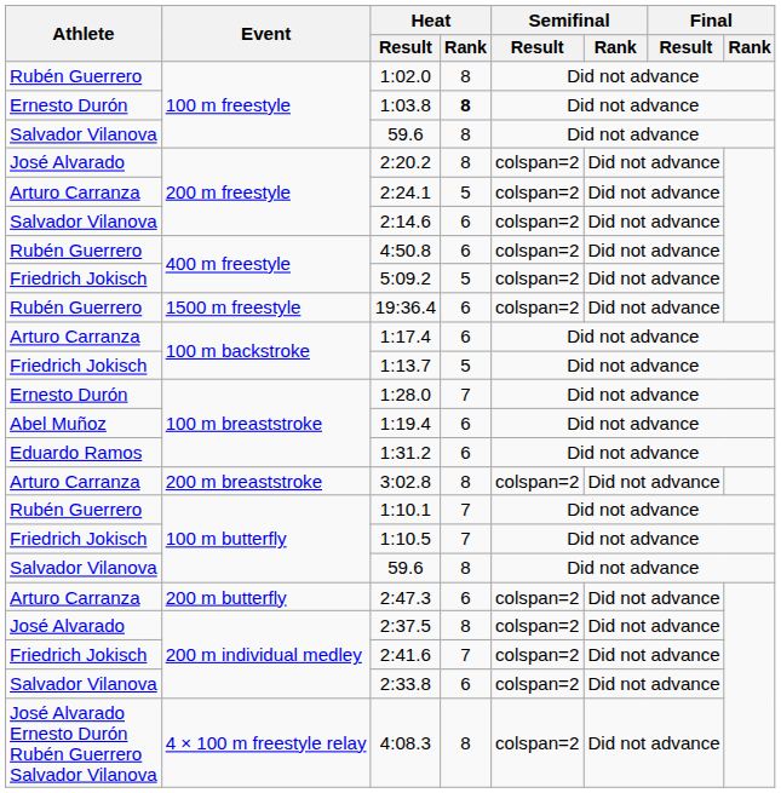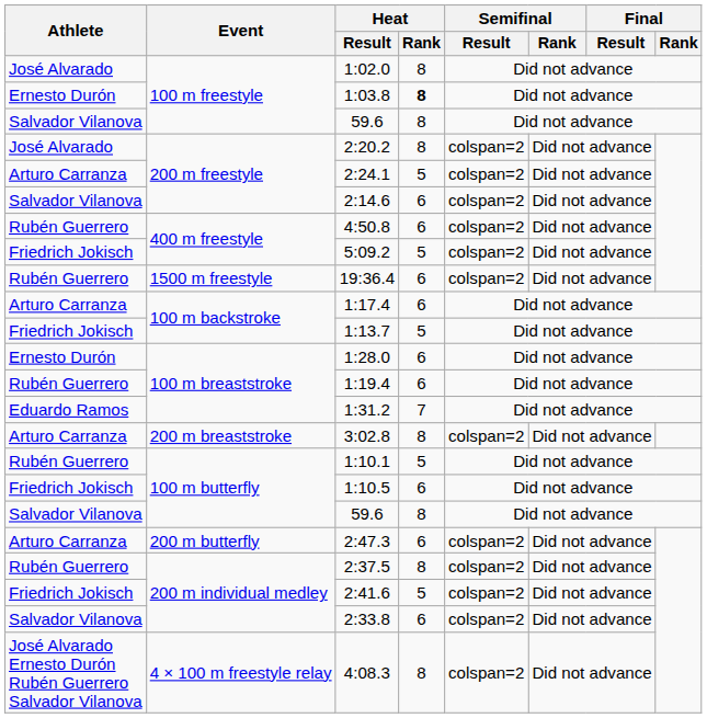 <table class="wikitable" style="font-size:90%; text-align: center">
 <tr>
 <th rowspan="2">Athlete</th>
 <th rowspan="2">Event</th>
 <th colspan="2">Heat</th>
 <th colspan="2">Semifinal</th>
 <th colspan="2">Final</th>
 </tr>
 <tr style="font-size:95%">
 <th>Result</th>
 <th>Rank</th>
 <th>Result</th>
 <th>Rank</th>
 <th>Result</th>
 <th>Rank</th>
 </tr>
 <tr>
-<td align=left><a href='#'>Rubén Guerrero</a></td>
+<td align=left><a href='#'>José Alvarado</a></td>
 <td align=left rowspan=3><a href='#'>100 m freestyle</a></td>
 <td>1:02.0</td>
 <td>8</td>
 <td colspan=4>Did not advance</td>
 </tr>
 <tr align=center>
 <td align=left><a href='#'>Ernesto Durón</a></td>
 <td>1:03.8</td>
 <td><strong>8</strong></td>
 <td colspan=4>Did not advance</td>
 </tr>
 <tr align=center>
 <td align=left><a href='#'>Salvador Vilanova</a></td>
 <td>59.6</td>
 <td>8</td>
 <td colspan=4>Did not advance</td>
 </tr>
 <tr>
 <td align=left><a href='#'>José Alvarado</a></td>
 <td align=left rowspan=3><a href='#'>200 m freestyle</a></td>
 <td>2:20.2</td>
 <td>8</td>
 <td>colspan=2 </td>
 <td colspan=2>Did not advance</td>
 </tr>
 <tr align=center>
 <td align=left><a href='#'>Arturo Carranza</a></td>
 <td>2:24.1</td>
 <td>5</td>
 <td>colspan=2 </td>
 <td colspan=2>Did not advance</td>
 </tr>
 <tr align=center>
 <td align=left><a href='#'>Salvador Vilanova</a></td>
 <td>2:14.6</td>
 <td>6</td>
 <td>colspan=2 </td>
 <td colspan=2>Did not advance</td>
 </tr>
 <tr>
 <td align=left><a href='#'>Rubén Guerrero</a></td>
 <td align=left rowspan=2><a href='#'>400 m freestyle</a></td>
 <td>4:50.8</td>
 <td>6</td>
 <td>colspan=2 </td>
 <td colspan=2>Did not advance</td>
 </tr>
 <tr align=center>
 <td align=left><a href='#'>Friedrich Jokisch</a></td>
 <td>5:09.2</td>
 <td>5</td>
 <td>colspan=2 </td>
 <td colspan=2>Did not advance</td>
 </tr>
 <tr>
 <td align=left><a href='#'>Rubén Guerrero</a></td>
 <td align=left><a href='#'>1500 m freestyle</a></td>
 <td>19:36.4</td>
 <td>6</td>
 <td>colspan=2 </td>
 <td colspan=2>Did not advance</td>
 </tr>
 <tr>
 <td align=left><a href='#'>Arturo Carranza</a></td>
 <td align=left rowspan=2><a href='#'>100 m backstroke</a></td>
 <td>1:17.4</td>
 <td>6</td>
 <td colspan=4>Did not advance</td>
 </tr>
 <tr align=center>
 <td align=left><a href='#'>Friedrich Jokisch</a></td>
 <td>1:13.7</td>
 <td>5</td>
 <td colspan=4>Did not advance</td>
 </tr>
 <tr>
 <td align=left><a href='#'>Ernesto Durón</a></td>
 <td align=left rowspan=3><a href='#'>100 m breaststroke</a></td>
 <td>1:28.0</td>
-<td>7</td>
+<td>6</td>
 <td colspan=4>Did not advance</td>
 </tr>
 <tr align=center>
-<td align=left><a href='#'>Abel Muñoz</a></td>
+<td align=left><a href='#'>Rubén Guerrero</a></td>
 <td>1:19.4</td>
 <td>6</td>
 <td colspan=4>Did not advance</td>
 </tr>
 <tr align=center>
 <td align=left><a href='#'>Eduardo Ramos</a></td>
 <td>1:31.2</td>
-<td>6</td>
+<td>7</td>
 <td colspan=4>Did not advance</td>
 </tr>
 <tr>
 <td align=left><a href='#'>Arturo Carranza</a></td>
 <td align=left><a href='#'>200 m breaststroke</a></td>
 <td>3:02.8</td>
 <td>8</td>
 <td>colspan=2 </td>
 <td colspan=2>Did not advance</td>
 </tr>
 <tr>
 <td align=left><a href='#'>Rubén Guerrero</a></td>
 <td align=left rowspan=3><a href='#'>100 m butterfly</a></td>
 <td>1:10.1</td>
-<td>7</td>
+<td>5</td>
 <td colspan=4>Did not advance</td>
 </tr>
 <tr align=center>
 <td align=left><a href='#'>Friedrich Jokisch</a></td>
 <td>1:10.5</td>
-<td>7</td>
+<td>6</td>
 <td colspan=4>Did not advance</td>
 </tr>
 <tr align=center>
 <td align=left><a href='#'>Salvador Vilanova</a></td>
 <td>59.6</td>
 <td>8</td>
 <td colspan=4>Did not advance</td>
 </tr>
 <tr>
 <td align=left><a href='#'>Arturo Carranza</a></td>
 <td align=left><a href='#'>200 m butterfly</a></td>
 <td>2:47.3</td>
 <td>6</td>
 <td>colspan=2 </td>
 <td colspan=2>Did not advance</td>
 </tr>
 <tr>
-<td align=left><a href='#'>José Alvarado</a></td>
+<td align=left><a href='#'>Rubén Guerrero</a></td>
 <td align=left rowspan=3><a href='#'>200 m individual medley</a></td>
 <td>2:37.5</td>
 <td>8</td>
 <td>colspan=2 </td>
 <td colspan=2>Did not advance</td>
 </tr>
 <tr align=center>
 <td align=left><a href='#'>Friedrich Jokisch</a></td>
 <td>2:41.6</td>
-<td>7</td>
+<td>5</td>
 <td>colspan=2 </td>
 <td colspan=2>Did not advance</td>
 </tr>
 <tr align=center>
 <td align=left><a href='#'>Salvador Vilanova</a></td>
 <td>2:33.8</td>
 <td>6</td>
 <td>colspan=2 </td>
 <td colspan=2>Did not advance</td>
 </tr>
 <tr align=center>
 <td align=left><a href='#'>José Alvarado</a><br><a href='#'>Ernesto Durón</a><br><a href='#'>Rubén Guerrero</a><br><a href='#'>Salvador Vilanova</a></td>
 <td align=left><a href='#'>4 × 100 m freestyle relay</a></td>
 <td>4:08.3</td>
 <td>8</td>
 <td>colspan=2 </td>
 <td colspan=2>Did not advance</td>
 </tr>
 </table>
